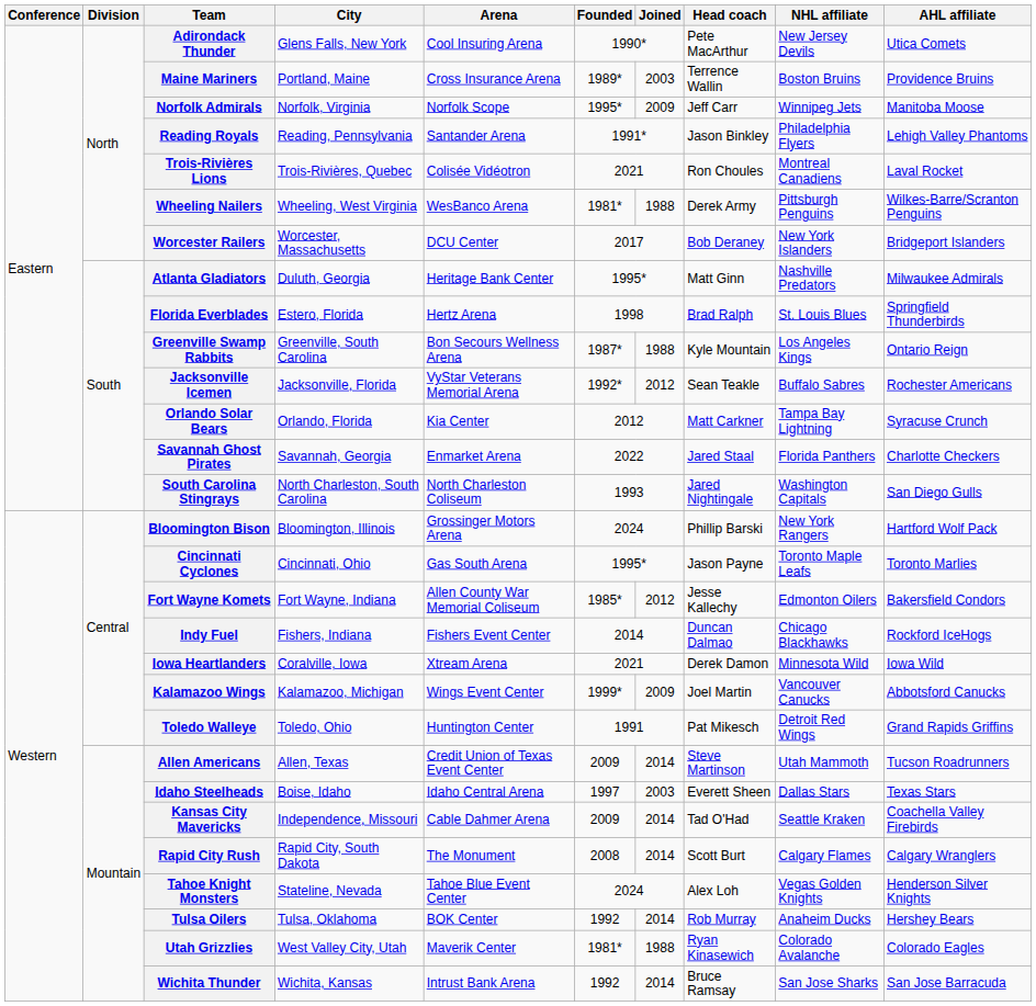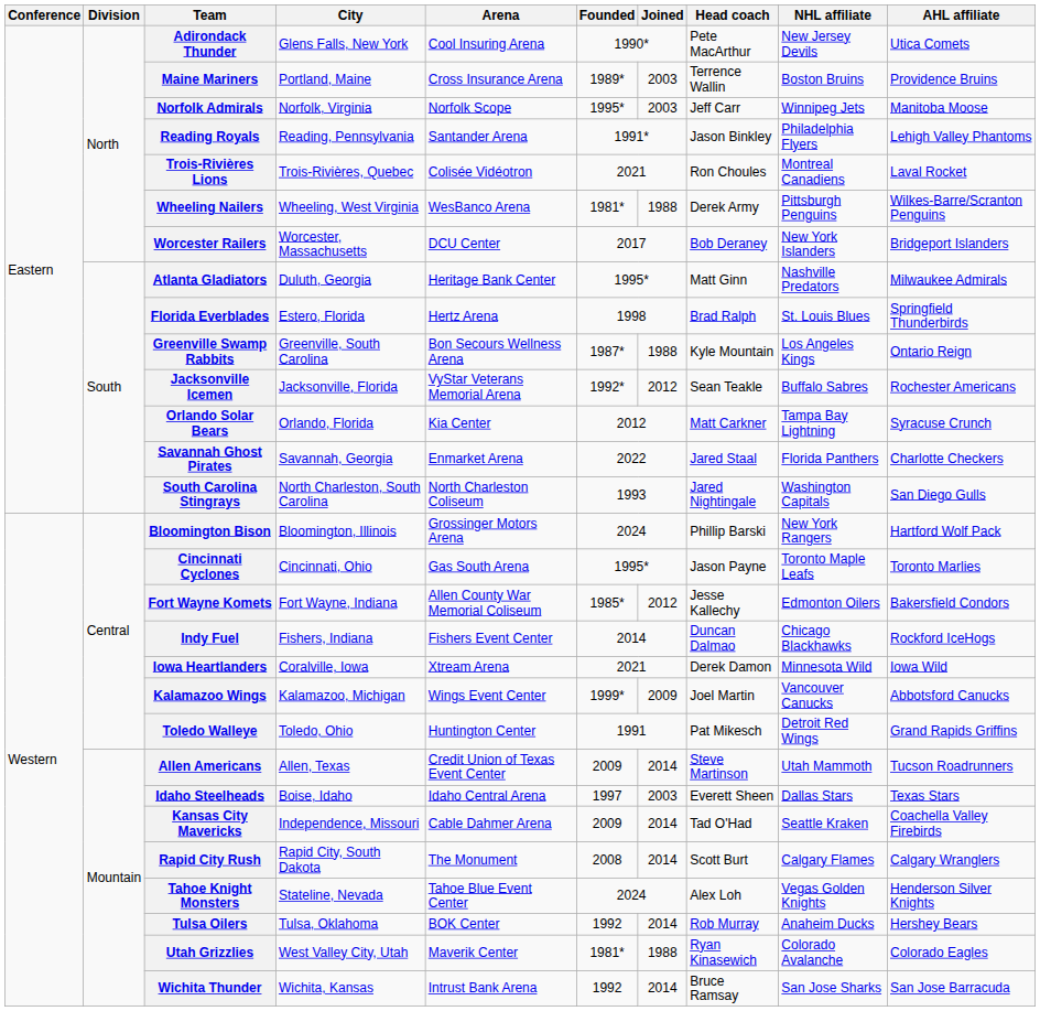 <table class="wikitable sortable plainrowheaders">
 <tr>
 <th scope="col">Conference</th>
 <th scope="col">Division</th>
 <th scope="col">Team</th>
 <th scope="col">City</th>
 <th scope="col">Arena</th>
 <th scope="col">Founded</th>
 <th scope="col">Joined</th>
 <th scope="col">Head coach</th>
 <th scope="col">NHL affiliate</th>
 <th scope="col">AHL affiliate</th>
 </tr>
 <tr>
 <td rowspan="14">Eastern</td>
 <td rowspan="7">North</td>
 <th scope="row"><a href='#'>Adirondack Thunder</a></th>
 <td><a href='#'>Glens Falls, New York</a></td>
 <td><a href='#'>Cool Insuring Arena</a></td>
 <td colspan="2" align="center">1990*</td>
 <td>Pete MacArthur</td>
 <td><a href='#'>New Jersey Devils</a></td>
 <td><a href='#'>Utica Comets</a></td>
 </tr>
 <tr>
 <th scope="row"><a href='#'>Maine Mariners</a></th>
 <td><a href='#'>Portland, Maine</a></td>
 <td><a href='#'>Cross Insurance Arena</a></td>
 <td align="center">1989*</td>
 <td align="center">2003</td>
 <td>Terrence Wallin</td>
 <td><a href='#'>Boston Bruins</a></td>
 <td><a href='#'>Providence Bruins</a></td>
 </tr>
 <tr>
 <th scope="row"><a href='#'>Norfolk Admirals</a></th>
 <td><a href='#'>Norfolk, Virginia</a></td>
 <td><a href='#'>Norfolk Scope</a></td>
 <td align="center">1995*</td>
-<td align="center">2009</td>
+<td align="center">2003</td>
 <td>Jeff Carr</td>
 <td><a href='#'>Winnipeg Jets</a></td>
 <td><a href='#'>Manitoba Moose</a></td>
 </tr>
 <tr>
 <th scope="row"><a href='#'>Reading Royals</a></th>
 <td><a href='#'>Reading, Pennsylvania</a></td>
 <td><a href='#'>Santander Arena</a></td>
 <td colspan="2" align="center">1991*</td>
 <td>Jason Binkley</td>
 <td><a href='#'>Philadelphia Flyers</a></td>
 <td><a href='#'>Lehigh Valley Phantoms</a></td>
 </tr>
 <tr>
 <th scope="row"><a href='#'>Trois-Rivières Lions</a></th>
 <td><a href='#'>Trois-Rivières, Quebec</a></td>
 <td><a href='#'>Colisée Vidéotron</a></td>
 <td colspan="2" align="center">2021</td>
 <td>Ron Choules</td>
 <td><a href='#'>Montreal Canadiens</a></td>
 <td><a href='#'>Laval Rocket</a></td>
 </tr>
 <tr>
 <th scope="row"><a href='#'>Wheeling Nailers</a></th>
 <td><a href='#'>Wheeling, West Virginia</a></td>
 <td><a href='#'>WesBanco Arena</a></td>
 <td align="center">1981*</td>
 <td align="center">1988</td>
 <td>Derek Army</td>
 <td><a href='#'>Pittsburgh Penguins</a></td>
 <td><a href='#'>Wilkes-Barre/Scranton Penguins</a></td>
 </tr>
 <tr>
 <th scope="row"><a href='#'>Worcester Railers</a></th>
 <td><a href='#'>Worcester, Massachusetts</a></td>
 <td><a href='#'>DCU Center</a></td>
 <td colspan="2" align="center">2017</td>
 <td><a href='#'>Bob Deraney</a></td>
 <td><a href='#'>New York Islanders</a></td>
 <td><a href='#'>Bridgeport Islanders</a></td>
 </tr>
 <tr>
 <td rowspan="7">South</td>
 <th scope="row"><a href='#'>Atlanta Gladiators</a></th>
 <td><a href='#'>Duluth, Georgia</a></td>
 <td><a href='#'>Heritage Bank Center</a></td>
 <td colspan="2" align="center">1995*</td>
 <td>Matt Ginn</td>
 <td><a href='#'>Nashville Predators</a></td>
 <td><a href='#'>Milwaukee Admirals</a></td>
 </tr>
 <tr>
 <th scope="row"><a href='#'>Florida Everblades</a></th>
 <td><a href='#'>Estero, Florida</a></td>
 <td><a href='#'>Hertz Arena</a></td>
 <td colspan="2" align="center">1998</td>
 <td><a href='#'>Brad Ralph</a></td>
 <td><a href='#'>St. Louis Blues</a></td>
 <td><a href='#'>Springfield Thunderbirds</a></td>
 </tr>
 <tr>
 <th scope="row"><a href='#'>Greenville Swamp Rabbits</a></th>
 <td><a href='#'>Greenville, South Carolina</a></td>
 <td><a href='#'>Bon Secours Wellness Arena</a></td>
 <td align="center">1987*</td>
 <td align="center">1988</td>
 <td>Kyle Mountain</td>
 <td><a href='#'>Los Angeles Kings</a></td>
 <td><a href='#'>Ontario Reign</a></td>
 </tr>
 <tr>
 <th scope="row"><a href='#'>Jacksonville Icemen</a></th>
 <td><a href='#'>Jacksonville, Florida</a></td>
 <td><a href='#'>VyStar Veterans Memorial Arena</a></td>
 <td align="center">1992*</td>
 <td align="center">2012</td>
 <td>Sean Teakle</td>
 <td><a href='#'>Buffalo Sabres</a></td>
 <td><a href='#'>Rochester Americans</a></td>
 </tr>
 <tr>
 <th scope="row"><a href='#'>Orlando Solar Bears</a></th>
 <td><a href='#'>Orlando, Florida</a></td>
 <td><a href='#'>Kia Center</a></td>
 <td colspan="2" align="center">2012</td>
 <td><a href='#'>Matt Carkner</a></td>
 <td><a href='#'>Tampa Bay Lightning</a></td>
 <td><a href='#'>Syracuse Crunch</a></td>
 </tr>
 <tr>
 <th scope="row"><a href='#'>Savannah Ghost Pirates</a></th>
 <td><a href='#'>Savannah, Georgia</a></td>
 <td><a href='#'>Enmarket Arena</a></td>
 <td colspan="2" align="center">2022</td>
 <td><a href='#'>Jared Staal</a></td>
 <td><a href='#'>Florida Panthers</a></td>
 <td><a href='#'>Charlotte Checkers</a></td>
 </tr>
 <tr>
 <th scope="row"><a href='#'>South Carolina Stingrays</a></th>
 <td><a href='#'>North Charleston, South Carolina</a></td>
 <td><a href='#'>North Charleston Coliseum</a></td>
 <td colspan="2" align="center">1993</td>
 <td><a href='#'>Jared Nightingale</a></td>
 <td><a href='#'>Washington Capitals</a></td>
 <td><a href='#'>San Diego Gulls</a></td>
 </tr>
 <tr>
 <td rowspan="15">Western</td>
 <td rowspan="7">Central</td>
 <th scope="row"><a href='#'>Bloomington Bison</a></th>
 <td><a href='#'>Bloomington, Illinois</a></td>
 <td><a href='#'>Grossinger Motors Arena</a></td>
 <td colspan="2;" align="center">2024</td>
 <td>Phillip Barski</td>
 <td><a href='#'>New York Rangers</a></td>
 <td><a href='#'>Hartford Wolf Pack</a></td>
 </tr>
 <tr>
 <th scope="row"><a href='#'>Cincinnati Cyclones</a></th>
 <td><a href='#'>Cincinnati, Ohio</a></td>
 <td><a href='#'>Gas South Arena</a></td>
 <td colspan="2" align="center">1995*</td>
 <td>Jason Payne</td>
 <td><a href='#'>Toronto Maple Leafs</a></td>
 <td><a href='#'>Toronto Marlies</a></td>
 </tr>
 <tr>
 <th scope="row"><a href='#'>Fort Wayne Komets</a></th>
 <td><a href='#'>Fort Wayne, Indiana</a></td>
 <td><a href='#'>Allen County War Memorial Coliseum</a></td>
 <td align="center">1985*</td>
 <td align="center">2012</td>
 <td>Jesse Kallechy</td>
 <td><a href='#'>Edmonton Oilers</a></td>
 <td><a href='#'>Bakersfield Condors</a></td>
 </tr>
 <tr>
 <th scope="row"><a href='#'>Indy Fuel</a></th>
 <td><a href='#'>Fishers, Indiana</a></td>
 <td><a href='#'>Fishers Event Center</a></td>
 <td colspan="2" align="center">2014</td>
 <td><a href='#'>Duncan Dalmao</a></td>
 <td><a href='#'>Chicago Blackhawks</a></td>
 <td><a href='#'>Rockford IceHogs</a></td>
 </tr>
 <tr>
 <th scope="row"><a href='#'>Iowa Heartlanders</a></th>
 <td><a href='#'>Coralville, Iowa</a></td>
 <td><a href='#'>Xtream Arena</a></td>
 <td colspan="2" align="center">2021</td>
 <td>Derek Damon</td>
 <td><a href='#'>Minnesota Wild</a></td>
 <td><a href='#'>Iowa Wild</a></td>
 </tr>
 <tr>
 <th scope="row"><a href='#'>Kalamazoo Wings</a></th>
 <td><a href='#'>Kalamazoo, Michigan</a></td>
 <td><a href='#'>Wings Event Center</a></td>
 <td align="center">1999*</td>
 <td align="center">2009</td>
 <td>Joel Martin</td>
 <td><a href='#'>Vancouver Canucks</a></td>
 <td><a href='#'>Abbotsford Canucks</a></td>
 </tr>
 <tr>
 <th scope="row"><a href='#'>Toledo Walleye</a></th>
 <td><a href='#'>Toledo, Ohio</a></td>
 <td><a href='#'>Huntington Center</a></td>
 <td colspan="2" align="center">1991</td>
 <td>Pat Mikesch</td>
 <td><a href='#'>Detroit Red Wings</a></td>
 <td><a href='#'>Grand Rapids Griffins</a></td>
 </tr>
 <tr>
 <td rowspan="8">Mountain</td>
 <th scope="row"><a href='#'>Allen Americans</a></th>
 <td><a href='#'>Allen, Texas</a></td>
 <td><a href='#'>Credit Union of Texas Event Center</a></td>
 <td align="center">2009</td>
 <td align="center">2014</td>
 <td><a href='#'>Steve Martinson</a></td>
 <td><a href='#'>Utah Mammoth</a></td>
 <td><a href='#'>Tucson Roadrunners</a></td>
 </tr>
 <tr>
 <th scope="row"><a href='#'>Idaho Steelheads</a></th>
 <td><a href='#'>Boise, Idaho</a></td>
 <td><a href='#'>Idaho Central Arena</a></td>
 <td align="center">1997</td>
 <td align="center">2003</td>
 <td>Everett Sheen</td>
 <td><a href='#'>Dallas Stars</a></td>
 <td><a href='#'>Texas Stars</a></td>
 </tr>
 <tr>
 <th scope="row"><a href='#'>Kansas City Mavericks</a></th>
 <td><a href='#'>Independence, Missouri</a></td>
 <td><a href='#'>Cable Dahmer Arena</a></td>
 <td align="center">2009</td>
 <td align="center">2014</td>
 <td>Tad O'Had</td>
 <td><a href='#'>Seattle Kraken</a></td>
 <td><a href='#'>Coachella Valley Firebirds</a></td>
 </tr>
 <tr>
 <th scope="row"><a href='#'>Rapid City Rush</a></th>
 <td><a href='#'>Rapid City, South Dakota</a></td>
 <td><a href='#'>The Monument</a></td>
 <td align="center">2008</td>
 <td align="center">2014</td>
 <td>Scott Burt</td>
 <td><a href='#'>Calgary Flames</a></td>
 <td><a href='#'>Calgary Wranglers</a></td>
 </tr>
 <tr>
 <th scope="row"><a href='#'>Tahoe Knight Monsters</a></th>
 <td><a href='#'>Stateline, Nevada</a></td>
 <td><a href='#'>Tahoe Blue Event Center</a></td>
 <td colspan="2;" align="center">2024</td>
 <td>Alex Loh</td>
 <td><a href='#'>Vegas Golden Knights</a></td>
 <td><a href='#'>Henderson Silver Knights</a></td>
 </tr>
 <tr>
 <th scope="row"><a href='#'>Tulsa Oilers</a></th>
 <td><a href='#'>Tulsa, Oklahoma</a></td>
 <td><a href='#'>BOK Center</a></td>
 <td align="center">1992</td>
 <td align="center">2014</td>
 <td><a href='#'>Rob Murray</a></td>
 <td><a href='#'>Anaheim Ducks</a></td>
 <td><a href='#'>Hershey Bears</a></td>
 </tr>
 <tr>
 <th scope="row"><a href='#'>Utah Grizzlies</a></th>
 <td><a href='#'>West Valley City, Utah</a></td>
 <td><a href='#'>Maverik Center</a></td>
 <td align="center">1981*</td>
 <td align="center">1988</td>
 <td><a href='#'>Ryan Kinasewich</a></td>
 <td><a href='#'>Colorado Avalanche</a></td>
 <td><a href='#'>Colorado Eagles</a></td>
 </tr>
 <tr>
 <th scope="row"><a href='#'>Wichita Thunder</a></th>
 <td><a href='#'>Wichita, Kansas</a></td>
 <td><a href='#'>Intrust Bank Arena</a></td>
 <td align="center">1992</td>
 <td align="center">2014</td>
 <td>Bruce Ramsay</td>
 <td><a href='#'>San Jose Sharks</a></td>
 <td><a href='#'>San Jose Barracuda</a></td>
 </tr>
 </table>
